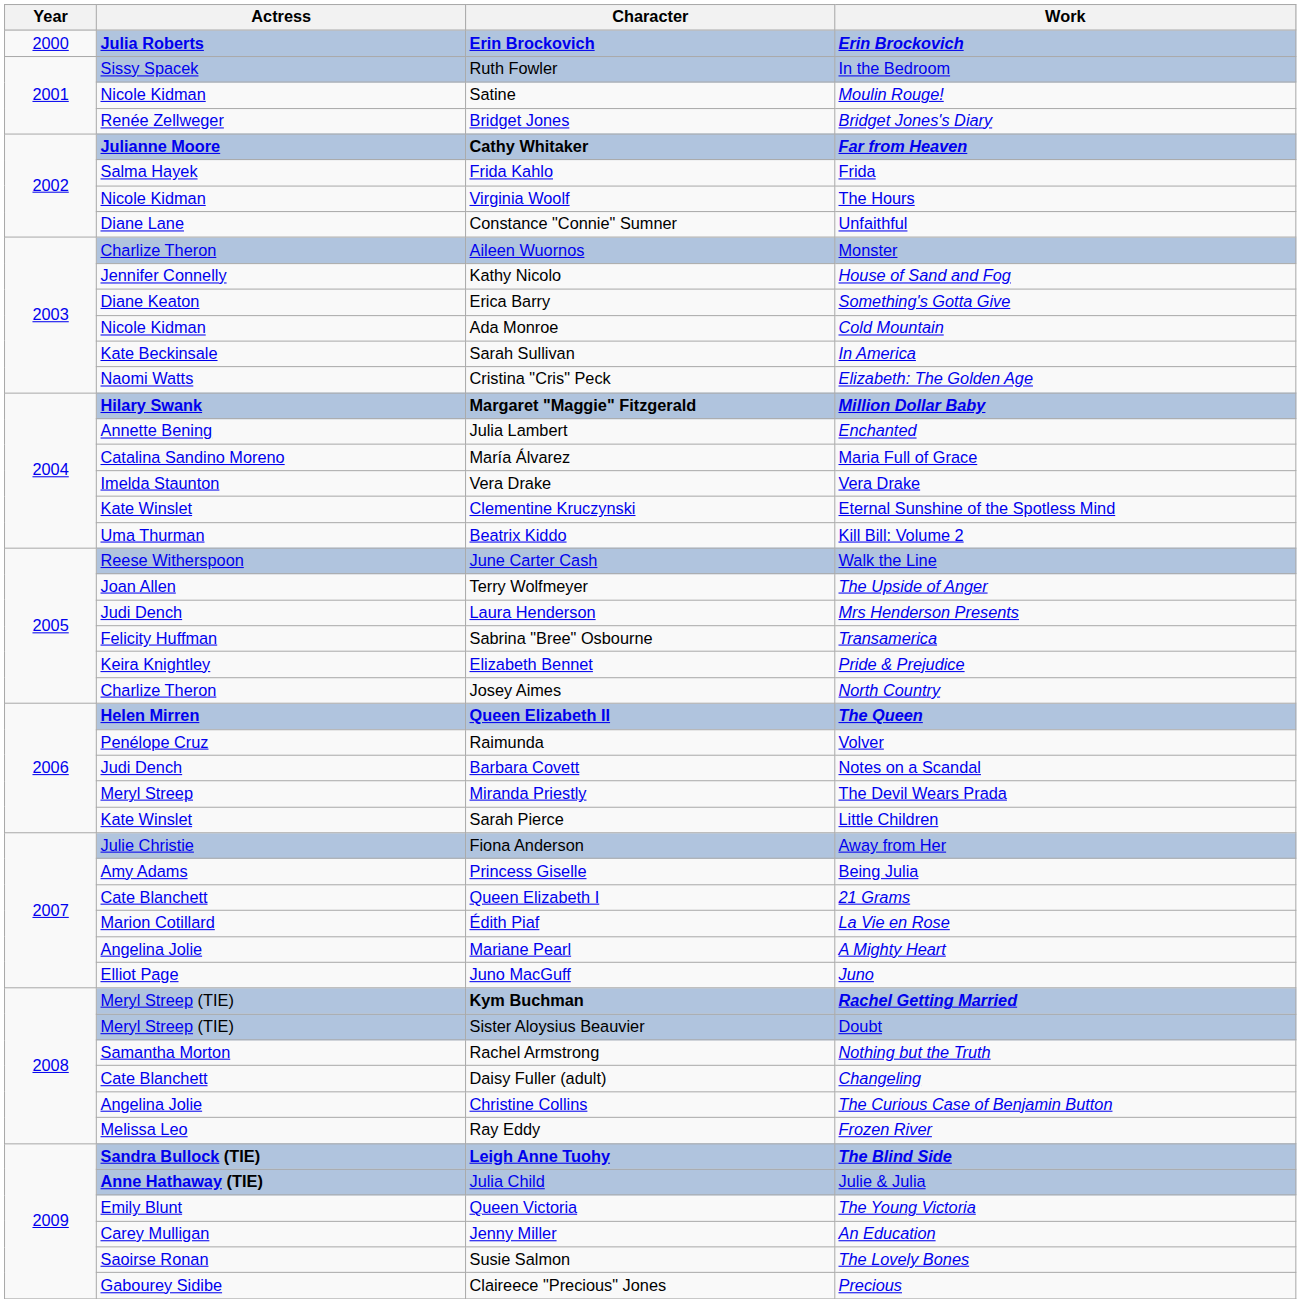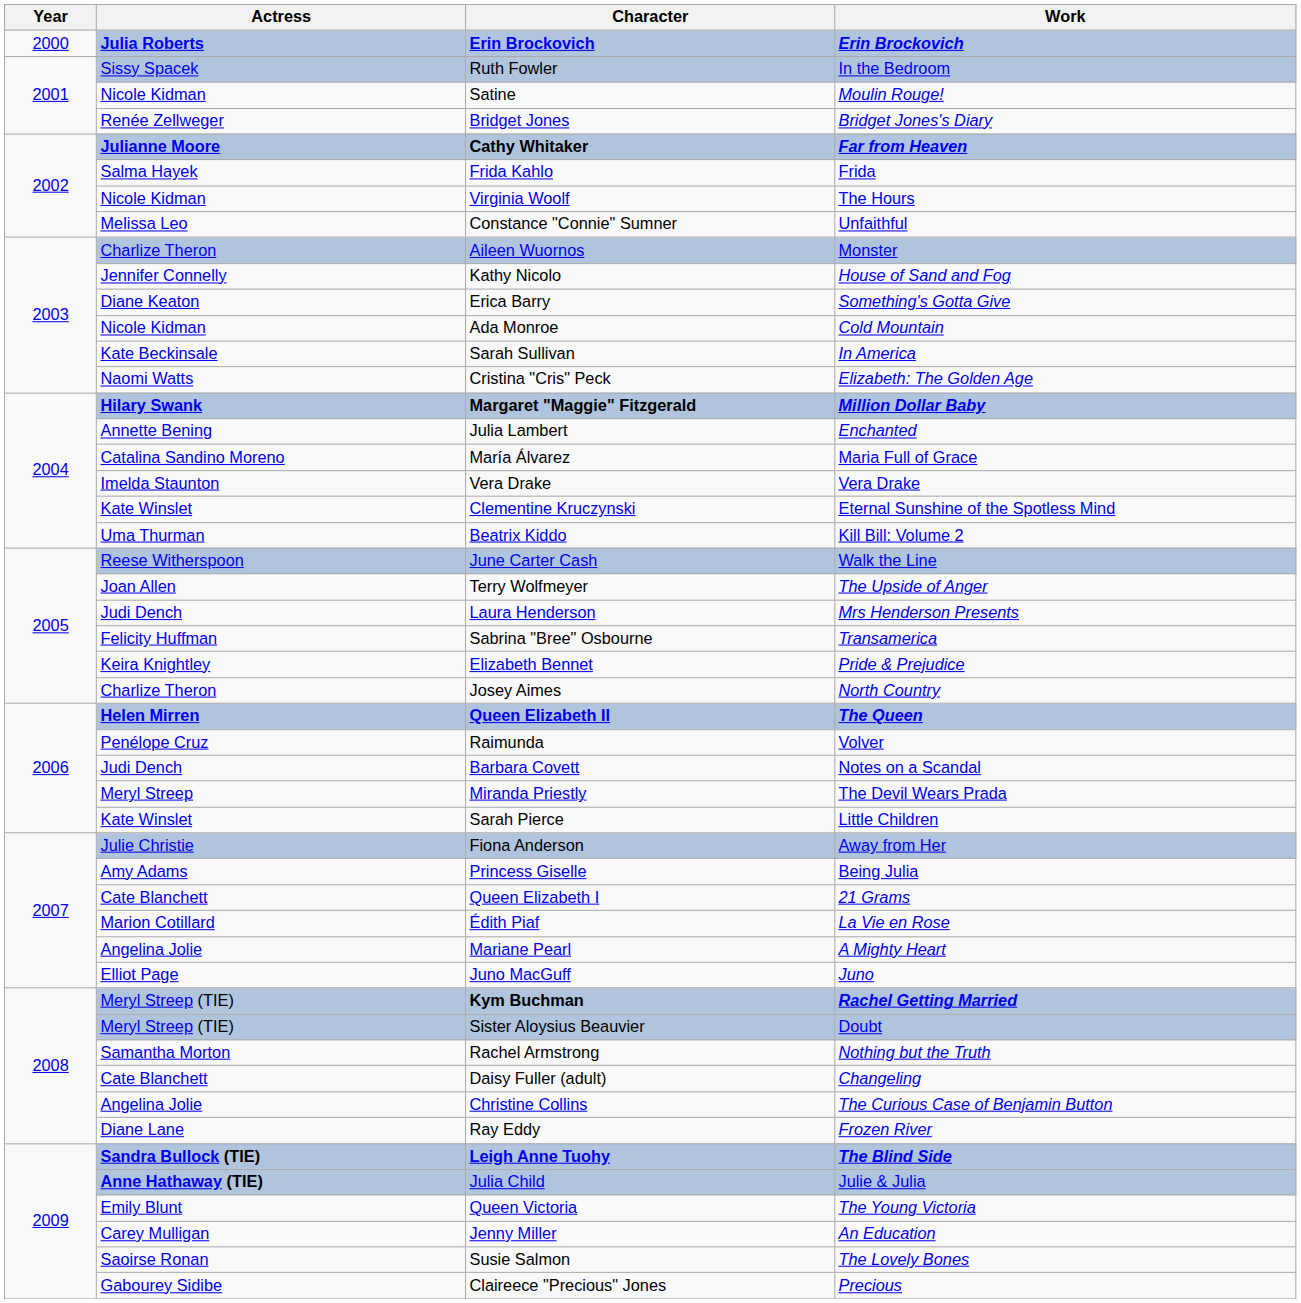 <table class="wikitable" width="80%">
 <tr style="background:#bebebe;">
 <th style="width:5%;">Year</th>
 <th style="width:20%;">Actress</th>
 <th style="width:20%;">Character</th>
 <th style="width:25%;">Work</th>
 </tr>
 <tr>
 <td rowspan="1" style="text-align:center;"><a href='#'>2000</a></td>
 <td style="background:#B0C4DE;"><strong><a href='#'>Julia Roberts</a></strong></td>
 <td style="background:#B0C4DE;"><strong><a href='#'>Erin Brockovich</a> </strong></td>
 <td style="background:#B0C4DE;"><strong><em><a href='#'>Erin Brockovich</a><em> <strong></td>
 </tr>
 <tr>
 <td rowspan="3" style="text-align:center;"><a href='#'>2001</a></td>
 <td style="background:#B0C4DE;"></strong><a href='#'>Sissy Spacek</a><strong></td>
 <td style="background:#B0C4DE;"></strong>Ruth Fowler<strong></td>
 <td style="background:#B0C4DE;"></em></strong><a href='#'>In the Bedroom</a></em> </strong></td>
 </tr>
 <tr>
 <td><a href='#'>Nicole Kidman</a></td>
 <td>Satine</td>
 <td><em><a href='#'>Moulin Rouge!</a></em></td>
 </tr>
 <tr>
 <td><a href='#'>Renée Zellweger</a></td>
 <td><a href='#'>Bridget Jones</a></td>
 <td><em><a href='#'>Bridget Jones's Diary</a></em></td>
 </tr>
 <tr>
 <td rowspan="4" style="text-align:center;"><a href='#'>2002</a></td>
 <td style="background:#B0C4DE;"><strong><a href='#'>Julianne Moore</a></strong></td>
 <td style="background:#B0C4DE;"><strong>Cathy Whitaker</strong></td>
 <td style="background:#B0C4DE;"><strong><em><a href='#'>Far from Heaven</a><em> <strong></td>
 </tr>
 <tr>
 <td><a href='#'>Salma Hayek</a></td>
 <td><a href='#'>Frida Kahlo</a></td>
 <td></em><a href='#'>Frida</a><em></td>
 </tr>
 <tr>
 <td><a href='#'>Nicole Kidman</a></td>
 <td><a href='#'>Virginia Woolf</a></td>
 <td></em><a href='#'>The Hours</a><em></td>
 </tr>
 <tr>
-<td><a href='#'>Diane Lane</a></td>
+<td><a href='#'>Melissa Leo</a></td>
 <td>Constance "Connie" Sumner</td>
 <td></em><a href='#'>Unfaithful</a><em></td>
 </tr>
 <tr>
 <td rowspan="6" style="text-align:center;"><a href='#'>2003</a></td>
 <td style="background:#B0C4DE;"></strong><a href='#'>Charlize Theron</a><strong></td>
 <td style="background:#B0C4DE;"></strong><a href='#'>Aileen Wuornos</a><strong></td>
 <td style="background:#B0C4DE;"></em></strong><a href='#'>Monster</a></em> </strong></td>
 </tr>
 <tr>
 <td><a href='#'>Jennifer Connelly</a></td>
 <td>Kathy Nicolo</td>
 <td><em><a href='#'>House of Sand and Fog</a></em></td>
 </tr>
 <tr>
 <td><a href='#'>Diane Keaton</a></td>
 <td>Erica Barry</td>
 <td><em><a href='#'>Something's Gotta Give</a></em></td>
 </tr>
 <tr>
 <td><a href='#'>Nicole Kidman</a></td>
 <td>Ada Monroe</td>
 <td><em><a href='#'>Cold Mountain</a></em></td>
 </tr>
 <tr>
 <td><a href='#'>Kate Beckinsale</a></td>
 <td>Sarah Sullivan</td>
 <td><em><a href='#'>In America</a></em></td>
 </tr>
 <tr>
 <td><a href='#'>Naomi Watts</a></td>
 <td>Cristina "Cris" Peck</td>
 <td><em><a href='#'>Elizabeth: The Golden Age</a></em></td>
 </tr>
 <tr>
 <td rowspan="6" style="text-align:center;"><a href='#'>2004</a></td>
 <td style="background:#B0C4DE;"><strong><a href='#'>Hilary Swank</a></strong></td>
 <td style="background:#B0C4DE;"><strong>Margaret "Maggie" Fitzgerald</strong></td>
 <td style="background:#B0C4DE;"><strong><em><a href='#'>Million Dollar Baby</a><em> <strong></td>
 </tr>
 <tr>
 <td><a href='#'>Annette Bening</a></td>
 <td>Julia Lambert</td>
 <td><em><a href='#'>Enchanted</a></em></td>
 </tr>
 <tr>
 <td><a href='#'>Catalina Sandino Moreno</a></td>
 <td>María Álvarez</td>
 <td></em><a href='#'>Maria Full of Grace</a><em></td>
 </tr>
 <tr>
 <td><a href='#'>Imelda Staunton</a></td>
 <td>Vera Drake</td>
 <td></em><a href='#'>Vera Drake</a><em></td>
 </tr>
 <tr>
 <td><a href='#'>Kate Winslet</a></td>
 <td><a href='#'>Clementine Kruczynski</a></td>
 <td></em><a href='#'>Eternal Sunshine of the Spotless Mind</a><em></td>
 </tr>
 <tr>
 <td><a href='#'>Uma Thurman</a></td>
 <td><a href='#'>Beatrix Kiddo</a></td>
 <td></em><a href='#'>Kill Bill: Volume 2</a><em></td>
 </tr>
 <tr>
 <td rowspan="6" style="text-align:center;"><a href='#'>2005</a></td>
 <td style="background:#B0C4DE;"></strong><a href='#'>Reese Witherspoon</a><strong></td>
 <td style="background:#B0C4DE;"></strong><a href='#'>June Carter Cash</a><strong></td>
 <td style="background:#B0C4DE;"></em></strong><a href='#'>Walk the Line</a></em> </strong></td>
 </tr>
 <tr>
 <td><a href='#'>Joan Allen</a></td>
 <td>Terry Wolfmeyer</td>
 <td><em><a href='#'>The Upside of Anger</a></em></td>
 </tr>
 <tr>
 <td><a href='#'>Judi Dench</a></td>
 <td><a href='#'>Laura Henderson</a></td>
 <td><em><a href='#'>Mrs Henderson Presents</a></em></td>
 </tr>
 <tr>
 <td><a href='#'>Felicity Huffman</a></td>
 <td>Sabrina "Bree" Osbourne</td>
 <td><em><a href='#'>Transamerica</a></em></td>
 </tr>
 <tr>
 <td><a href='#'>Keira Knightley</a></td>
 <td><a href='#'>Elizabeth Bennet</a></td>
 <td><em><a href='#'>Pride & Prejudice</a></em></td>
 </tr>
 <tr>
 <td><a href='#'>Charlize Theron</a></td>
 <td>Josey Aimes</td>
 <td><em><a href='#'>North Country</a></em></td>
 </tr>
 <tr>
 <td rowspan="5" style="text-align:center;"><a href='#'>2006</a></td>
 <td style="background:#B0C4DE;"><strong><a href='#'>Helen Mirren</a></strong></td>
 <td style="background:#B0C4DE;"><strong><a href='#'>Queen Elizabeth II</a></strong></td>
 <td style="background:#B0C4DE;"><strong><em><a href='#'>The Queen</a><em> <strong></td>
 </tr>
 <tr>
 <td><a href='#'>Penélope Cruz</a></td>
 <td>Raimunda</td>
 <td></em><a href='#'>Volver</a><em></td>
 </tr>
 <tr>
 <td><a href='#'>Judi Dench</a></td>
 <td><a href='#'>Barbara Covett</a></td>
 <td></em><a href='#'>Notes on a Scandal</a><em></td>
 </tr>
 <tr>
 <td><a href='#'>Meryl Streep</a></td>
 <td><a href='#'>Miranda Priestly</a></td>
 <td></em><a href='#'>The Devil Wears Prada</a><em></td>
 </tr>
 <tr>
 <td><a href='#'>Kate Winslet</a></td>
 <td>Sarah Pierce</td>
 <td></em><a href='#'>Little Children</a><em></td>
 </tr>
 <tr>
 <td rowspan="6" style="text-align:center;"><a href='#'>2007</a></td>
 <td style="background:#B0C4DE;"></strong><a href='#'>Julie Christie</a> <strong></td>
 <td style="background:#B0C4DE;"></strong>Fiona Anderson<strong></td>
 <td style="background:#B0C4DE;"></em></strong><a href='#'>Away from Her</a></em> </strong></td>
 </tr>
 <tr>
 <td><a href='#'>Amy Adams</a></td>
 <td><a href='#'>Princess Giselle</a></td>
 <td></em><a href='#'>Being Julia</a><em></td>
 </tr>
 <tr>
 <td><a href='#'>Cate Blanchett</a></td>
 <td><a href='#'>Queen Elizabeth I</a></td>
 <td><em><a href='#'>21 Grams</a></em></td>
 </tr>
 <tr>
 <td><a href='#'>Marion Cotillard</a></td>
 <td><a href='#'>Édith Piaf</a></td>
 <td><em><a href='#'>La Vie en Rose</a></em></td>
 </tr>
 <tr>
 <td><a href='#'>Angelina Jolie</a></td>
 <td><a href='#'>Mariane Pearl</a></td>
 <td><em><a href='#'>A Mighty Heart</a></em></td>
 </tr>
 <tr>
 <td><a href='#'>Elliot Page</a></td>
 <td><a href='#'>Juno MacGuff</a></td>
 <td><em><a href='#'>Juno</a></em></td>
 </tr>
 <tr>
 <td rowspan="6" style="text-align:center;"><a href='#'>2008</a></td>
 <td style="background:#B0C4DE;"></strong><a href='#'>Meryl Streep</a> (TIE)<strong></td>
 <td style="background:#B0C4DE;"><strong>Kym Buchman</strong></td>
 <td style="background:#B0C4DE;"><strong><em><a href='#'>Rachel Getting Married</a><em> <strong></td>
 </tr>
 <tr>
 <td style="background:#B0C4DE;"></strong><a href='#'>Meryl Streep</a> (TIE)<strong></td>
 <td style="background:#B0C4DE;"></strong>Sister Aloysius Beauvier<strong></td>
 <td style="background:#B0C4DE;"></em></strong><a href='#'>Doubt</a></em> </strong></td>
 </tr>
 <tr>
 <td><a href='#'>Samantha Morton</a></td>
 <td>Rachel Armstrong</td>
 <td><em><a href='#'>Nothing but the Truth</a></em></td>
 </tr>
 <tr>
 <td><a href='#'>Cate Blanchett</a></td>
 <td>Daisy Fuller (adult)</td>
 <td><em><a href='#'>Changeling</a></em></td>
 </tr>
 <tr>
 <td><a href='#'>Angelina Jolie</a></td>
 <td><a href='#'>Christine Collins</a></td>
 <td><em><a href='#'>The Curious Case of Benjamin Button</a></em></td>
 </tr>
 <tr>
-<td><a href='#'>Melissa Leo</a></td>
+<td><a href='#'>Diane Lane</a></td>
 <td>Ray Eddy</td>
 <td><em><a href='#'>Frozen River</a></em></td>
 </tr>
 <tr>
 <td rowspan="6" style="text-align:center;"><a href='#'>2009</a><br></td>
 <td style="background:#B0C4DE;"><strong><a href='#'>Sandra Bullock</a> (TIE)</strong></td>
 <td style="background:#B0C4DE;"><strong><a href='#'>Leigh Anne Tuohy</a></strong></td>
 <td style="background:#B0C4DE;"><strong><em><a href='#'>The Blind Side</a><em> <strong></td>
 </tr>
 <tr>
 <td style="background:#B0C4DE;"><strong><a href='#'>Anne Hathaway</a> (TIE)</strong></td>
 <td style="background:#B0C4DE;"></strong><a href='#'>Julia Child</a><strong></td>
 <td style="background:#B0C4DE;"></em></strong><a href='#'>Julie & Julia</a></em> </strong></td>
 </tr>
 <tr>
 <td><a href='#'>Emily Blunt</a></td>
 <td><a href='#'>Queen Victoria</a></td>
 <td><em><a href='#'>The Young Victoria</a></em></td>
 </tr>
 <tr>
 <td><a href='#'>Carey Mulligan</a></td>
 <td><a href='#'>Jenny Miller</a></td>
 <td><em><a href='#'>An Education</a></em></td>
 </tr>
 <tr>
 <td><a href='#'>Saoirse Ronan</a></td>
 <td>Susie Salmon</td>
 <td><em><a href='#'>The Lovely Bones</a></em></td>
 </tr>
 <tr>
 <td><a href='#'>Gabourey Sidibe</a></td>
 <td>Claireece "Precious" Jones</td>
 <td><em><a href='#'>Precious</a></em></td>
 </tr>
 </table>
